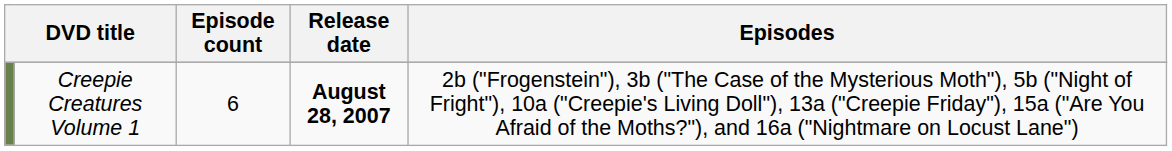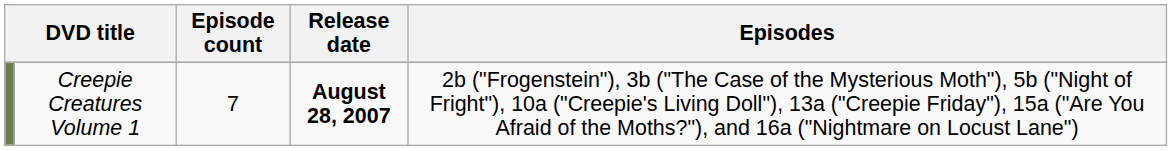 <table class="wikitable" style="text-align: center;">
 <tr>
 <th colspan=2>DVD title</th>
 <th>Episode count</th>
 <th>Release date</th>
 <th>Episodes</th>
 </tr>
 <tr>
 </tr>
 <tr>
 <td style="background:#697f4c"></td>
 <td><em>Creepie Creatures Volume 1</em></td>
-<td>6</td>
+<td>7</td>
 <td><strong>August 28, 2007</strong></td>
 <td>2b ("Frogenstein"), 3b ("The Case of the Mysterious Moth"), 5b ("Night of Fright"), 10a ("Creepie's Living Doll"), 13a ("Creepie Friday"), 15a ("Are You Afraid of the Moths?"), and 16a ("Nightmare on Locust Lane")</td>
 </tr>
 </table>
